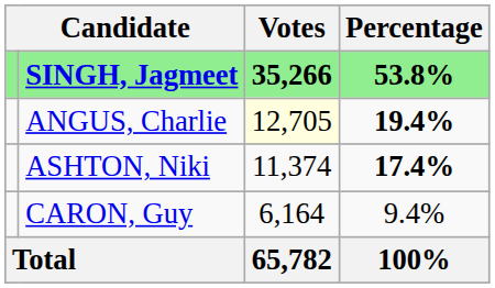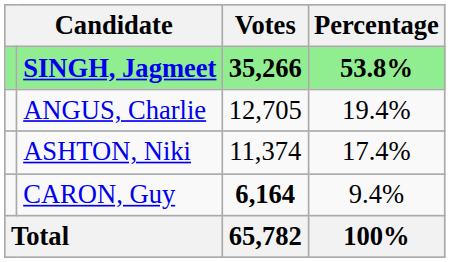 <table class="wikitable">
 <tr>
 <th colspan="2">Candidate</th>
 <th>Votes</th>
 <th>Percentage</th>
 </tr>
 <tr style="background:lightgreen;">
 <td></td>
 <td><strong><a href='#'>SINGH, Jagmeet</a></strong></td>
 <td style='text-align:center'><strong>35,266</strong></td>
 <td style='text-align:center'><strong>53.8%</strong></td>
 </tr>
 <tr>
 <td></td>
 <td><a href='#'>ANGUS,  Charlie</a></td>
-<td style="background: lightyellow; text-align:center">12,705</td>
-<td style='text-align:center'><strong>19.4%</strong></td>
+<td style="text-align:center">12,705</td>
+<td style='text-align:center'>19.4%</td>
 </tr>
 <tr>
 <td></td>
 <td><a href='#'>ASHTON, Niki</a></td>
 <td style="text-align:center">11,374</td>
-<td style='text-align:center'><strong>17.4%</strong></td>
+<td style='text-align:center'>17.4%</td>
 </tr>
 <tr>
 <td></td>
 <td><a href='#'>CARON, Guy</a></td>
-<td style="text-align:center">6,164</td>
+<td style="text-align:center"><strong>6,164</strong></td>
 <td style='text-align:center'>9.4%</td>
 </tr>
 <tr>
 <th colspan = "2" style="text-align:left;"><strong>Total</strong></th>
 <th style='text-align:center'><strong>65,782</strong></th>
 <th style='text-align:center'>100%</th>
 </tr>
 </table>
